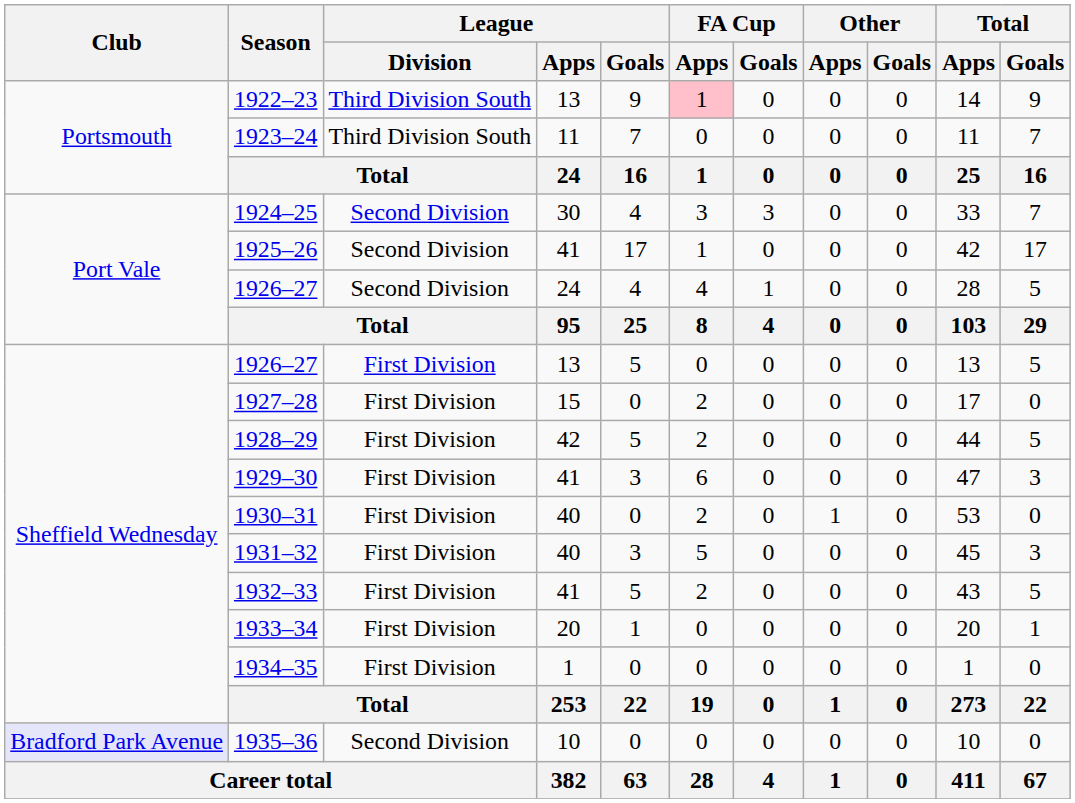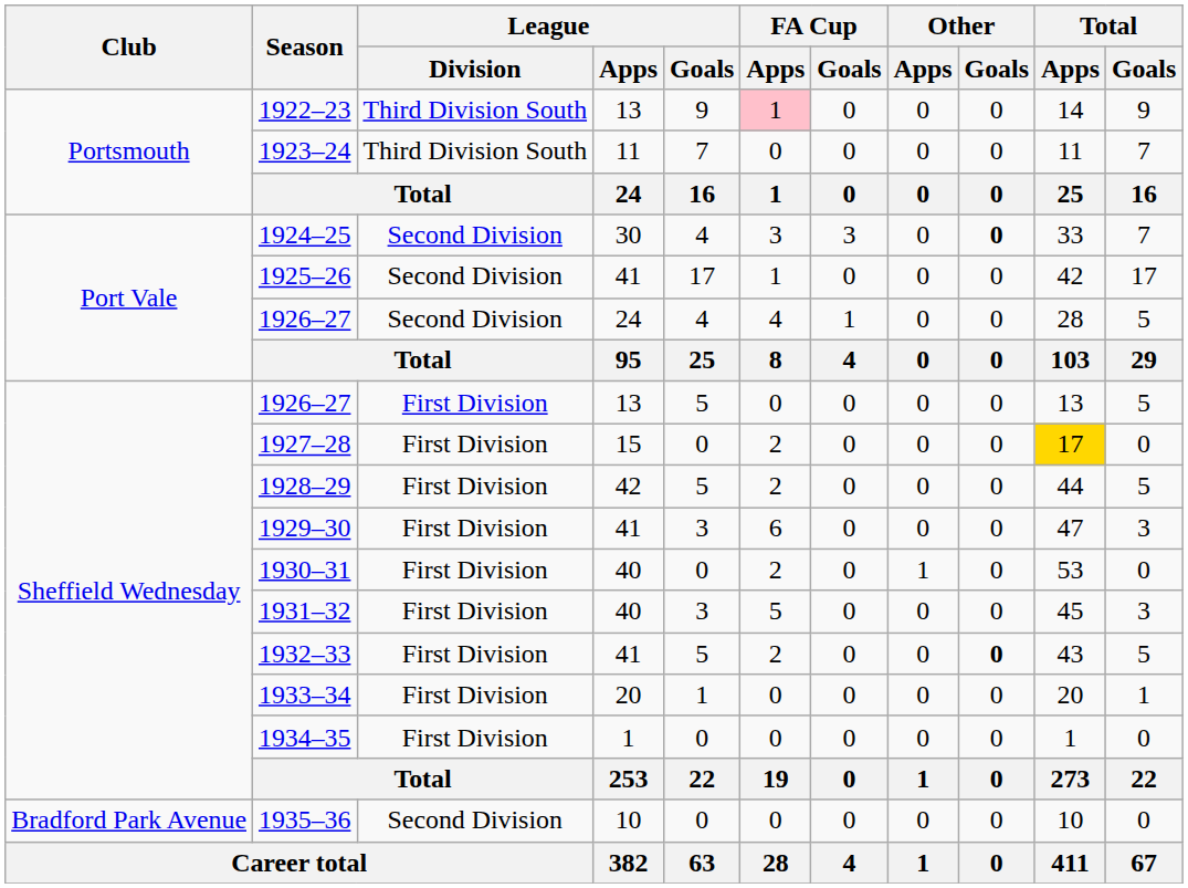 <table class="wikitable" style="text-align:center">
 <tr>
 <th rowspan="2">Club</th>
 <th rowspan="2">Season</th>
 <th colspan="3">League</th>
 <th colspan="2">FA Cup</th>
 <th colspan="2">Other</th>
 <th colspan="2">Total</th>
 </tr>
 <tr>
 <th>Division</th>
 <th>Apps</th>
 <th>Goals</th>
 <th>Apps</th>
 <th>Goals</th>
 <th>Apps</th>
 <th>Goals</th>
 <th>Apps</th>
 <th>Goals</th>
 </tr>
 <tr>
 <td rowspan="3"><a href='#'>Portsmouth</a></td>
 <td><a href='#'>1922–23</a></td>
 <td><a href='#'>Third Division South</a></td>
 <td>13</td>
 <td>9</td>
 <td style="background: pink;">1</td>
 <td>0</td>
 <td>0</td>
 <td>0</td>
 <td>14</td>
 <td>9</td>
 </tr>
 <tr>
 <td><a href='#'>1923–24</a></td>
 <td>Third Division South</td>
 <td>11</td>
 <td>7</td>
 <td>0</td>
 <td>0</td>
 <td>0</td>
 <td>0</td>
 <td>11</td>
 <td>7</td>
 </tr>
 <tr>
 <th colspan="2">Total</th>
 <th>24</th>
 <th>16</th>
 <th>1</th>
 <th>0</th>
 <th>0</th>
 <th>0</th>
 <th>25</th>
 <th>16</th>
 </tr>
 <tr>
 <td rowspan="4"><a href='#'>Port Vale</a></td>
 <td><a href='#'>1924–25</a></td>
 <td><a href='#'>Second Division</a></td>
 <td>30</td>
 <td>4</td>
 <td>3</td>
 <td>3</td>
 <td>0</td>
-<td>0</td>
+<td><strong>0</strong></td>
 <td>33</td>
 <td>7</td>
 </tr>
 <tr>
 <td><a href='#'>1925–26</a></td>
 <td>Second Division</td>
 <td>41</td>
 <td>17</td>
 <td>1</td>
 <td>0</td>
 <td>0</td>
 <td>0</td>
 <td>42</td>
 <td>17</td>
 </tr>
 <tr>
 <td><a href='#'>1926–27</a></td>
 <td>Second Division</td>
 <td>24</td>
 <td>4</td>
 <td>4</td>
 <td>1</td>
 <td>0</td>
 <td>0</td>
 <td>28</td>
 <td>5</td>
 </tr>
 <tr>
 <th colspan="2">Total</th>
 <th>95</th>
 <th>25</th>
 <th>8</th>
 <th>4</th>
 <th>0</th>
 <th>0</th>
 <th>103</th>
 <th>29</th>
 </tr>
 <tr>
 <td rowspan="10"><a href='#'>Sheffield Wednesday</a></td>
 <td><a href='#'>1926–27</a></td>
 <td><a href='#'>First Division</a></td>
 <td>13</td>
 <td>5</td>
 <td>0</td>
 <td>0</td>
 <td>0</td>
 <td>0</td>
 <td>13</td>
 <td>5</td>
 </tr>
 <tr>
 <td><a href='#'>1927–28</a></td>
 <td>First Division</td>
 <td>15</td>
 <td>0</td>
 <td>2</td>
 <td>0</td>
 <td>0</td>
 <td>0</td>
-<td>17</td>
+<td style="background: gold;">17</td>
 <td>0</td>
 </tr>
 <tr>
 <td><a href='#'>1928–29</a></td>
 <td>First Division</td>
 <td>42</td>
 <td>5</td>
 <td>2</td>
 <td>0</td>
 <td>0</td>
 <td>0</td>
 <td>44</td>
 <td>5</td>
 </tr>
 <tr>
 <td><a href='#'>1929–30</a></td>
 <td>First Division</td>
 <td>41</td>
 <td>3</td>
 <td>6</td>
 <td>0</td>
 <td>0</td>
 <td>0</td>
 <td>47</td>
 <td>3</td>
 </tr>
 <tr>
 <td><a href='#'>1930–31</a></td>
 <td>First Division</td>
 <td>40</td>
 <td>0</td>
 <td>2</td>
 <td>0</td>
 <td>1</td>
 <td>0</td>
 <td>53</td>
 <td>0</td>
 </tr>
 <tr>
 <td><a href='#'>1931–32</a></td>
 <td>First Division</td>
 <td>40</td>
 <td>3</td>
 <td>5</td>
 <td>0</td>
 <td>0</td>
 <td>0</td>
 <td>45</td>
 <td>3</td>
 </tr>
 <tr>
 <td><a href='#'>1932–33</a></td>
 <td>First Division</td>
 <td>41</td>
 <td>5</td>
 <td>2</td>
 <td>0</td>
 <td>0</td>
-<td>0</td>
+<td><strong>0</strong></td>
 <td>43</td>
 <td>5</td>
 </tr>
 <tr>
 <td><a href='#'>1933–34</a></td>
 <td>First Division</td>
 <td>20</td>
 <td>1</td>
 <td>0</td>
 <td>0</td>
 <td>0</td>
 <td>0</td>
 <td>20</td>
 <td>1</td>
 </tr>
 <tr>
 <td><a href='#'>1934–35</a></td>
 <td>First Division</td>
 <td>1</td>
 <td>0</td>
 <td>0</td>
 <td>0</td>
 <td>0</td>
 <td>0</td>
 <td>1</td>
 <td>0</td>
 </tr>
 <tr>
 <th colspan="2">Total</th>
 <th>253</th>
 <th>22</th>
 <th>19</th>
 <th>0</th>
 <th>1</th>
 <th>0</th>
 <th>273</th>
 <th>22</th>
 </tr>
 <tr>
-<td style="background: lavender;"><a href='#'>Bradford Park Avenue</a></td>
+<td><a href='#'>Bradford Park Avenue</a></td>
 <td><a href='#'>1935–36</a></td>
 <td>Second Division</td>
 <td>10</td>
 <td>0</td>
 <td>0</td>
 <td>0</td>
 <td>0</td>
 <td>0</td>
 <td>10</td>
 <td>0</td>
 </tr>
 <tr>
 <th colspan="3">Career total</th>
 <th>382</th>
 <th>63</th>
 <th>28</th>
 <th>4</th>
 <th>1</th>
 <th>0</th>
 <th>411</th>
 <th>67</th>
 </tr>
 </table>
